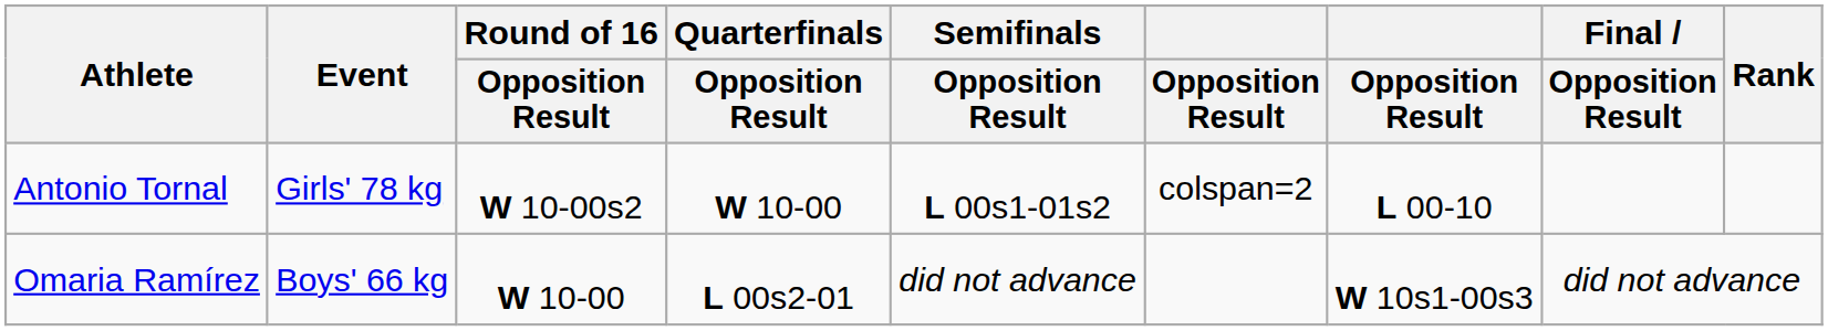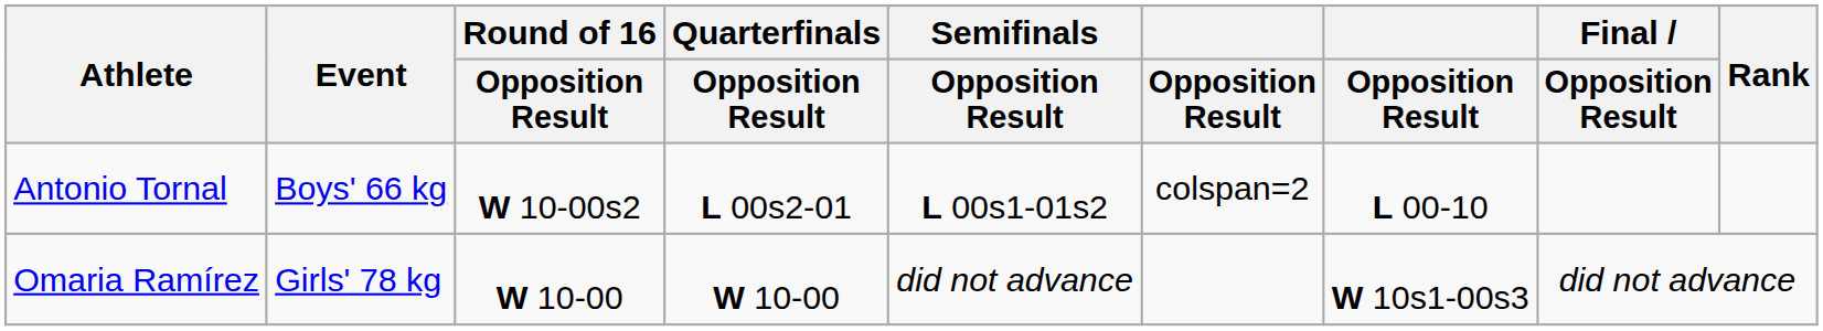 <table class="wikitable" style="font-size:90%">
 <tr>
 <th rowspan="2">Athlete</th>
 <th rowspan="2">Event</th>
 <th>Round of 16</th>
 <th>Quarterfinals</th>
 <th>Semifinals</th>
 <th></th>
 <th></th>
 <th>Final / </th>
 <th rowspan=2>Rank</th>
 </tr>
 <tr style="font-size:95%">
 <th>Opposition<br>Result</th>
 <th>Opposition<br>Result</th>
 <th>Opposition<br>Result</th>
 <th>Opposition<br>Result</th>
 <th>Opposition<br>Result</th>
 <th>Opposition<br>Result</th>
 </tr>
 <tr align=center>
 <td align=left><a href='#'>Antonio Tornal</a></td>
-<td align=left><a href='#'>Girls' 78 kg</a></td>
+<td align=left><a href='#'>Boys' 66 kg</a></td>
 <td><br> <strong>W</strong> 10-00s2</td>
-<td><br> <strong>W</strong> 10-00</td>
+<td><br> <strong>L</strong> 00s2-01</td>
 <td><br> <strong>L</strong> 00s1-01s2</td>
 <td>colspan=2 </td>
 <td><br> <strong>L</strong> 00-10</td>
 <td></td>
 </tr>
 <tr align=center>
 <td align=left><a href='#'>Omaria Ramírez</a></td>
-<td align=left><a href='#'>Boys' 66 kg</a></td>
+<td align=left><a href='#'>Girls' 78 kg</a></td>
 <td><br> <strong>W</strong> 10-00</td>
-<td><br> <strong>L</strong> 00s2-01</td>
+<td><br> <strong>W</strong> 10-00</td>
 <td><em>did not advance</em></td>
 <td></td>
 <td><br> <strong>W</strong> 10s1-00s3</td>
 <td colspan=2><em>did not advance</em></td>
 </tr>
 </table>
